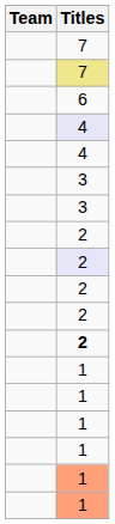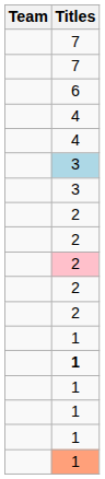 <table class="wikitable sortable" style="text-align:center">
 <tr>
 <th>Team</th>
 <th>Titles</th>
 </tr>
 <tr>
 <td style=><strong></strong></td>
 <td>7</td>
 </tr>
 <tr>
 <td style=><strong></strong></td>
-<td style="background: khaki;">7</td>
+<td>7</td>
 </tr>
 <tr>
 <td style=><strong></strong></td>
 <td>6</td>
 </tr>
 <tr>
 <td style=><strong></strong></td>
-<td style="background: lavender;">4</td>
+<td>4</td>
 </tr>
 <tr>
 <td style=><strong></strong></td>
 <td>4</td>
 </tr>
 <tr>
 <td style=><strong></strong></td>
-<td>3</td>
+<td style="background: lightblue;">3</td>
 </tr>
 <tr>
 <td style=><strong></strong></td>
 <td>3</td>
 </tr>
 <tr>
 <td style=><strong></strong></td>
 <td>2</td>
 </tr>
 <tr>
 <td style=><strong></strong></td>
-<td style="background: lavender;">2</td>
+<td>2</td>
+</tr>
+<tr>
+<td style=><strong></strong></td>
+<td style="background: pink;">2</td>
 </tr>
 <tr>
 <td style=><strong></strong></td>
 <td>2</td>
 </tr>
 <tr>
 <td style=><strong></strong></td>
 <td>2</td>
 </tr>
 <tr>
 <td style=><strong></strong></td>
-<td><strong>2</strong></td>
+<td>1</td>
 </tr>
 <tr>
 <td style=><strong></strong></td>
-<td>1</td>
+<td><strong>1</strong></td>
 </tr>
 <tr>
 <td style=><strong></strong></td>
 <td>1</td>
 </tr>
 <tr>
 <td style=><strong></strong></td>
 <td>1</td>
 </tr>
 <tr>
 <td style=><strong></strong></td>
 <td>1</td>
 </tr>
 <tr>
 <td style=><strong></strong></td>
 <td style="background: lightsalmon;">1</td>
 </tr>
-<tr>
-<td style=><strong></strong></td>
-<td style="background: lightsalmon;">1</td>
-</tr>
 </table>
